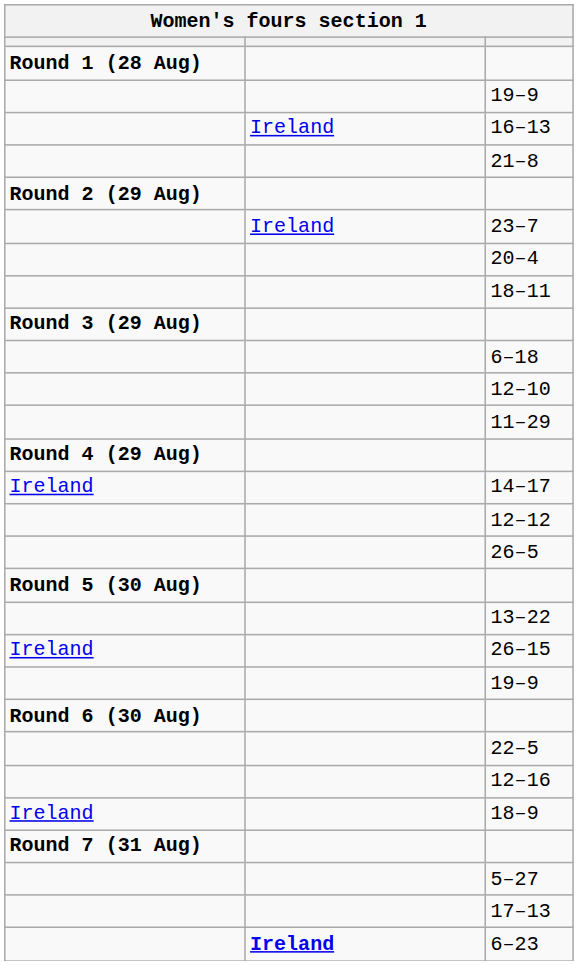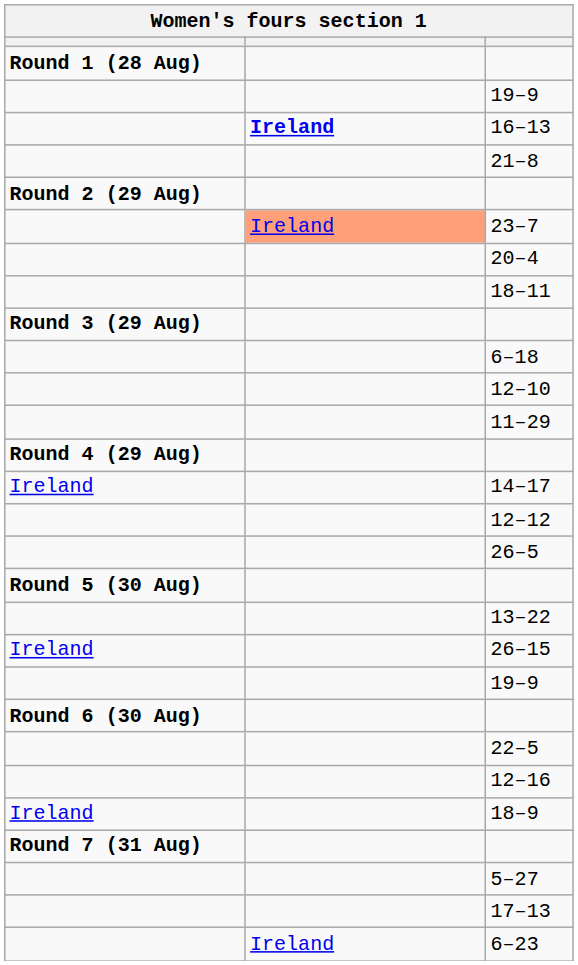 <table class="wikitable">
 <tr>
 <th colspan="3">Women's fours section 1</th>
 </tr>
 <tr>
 <th width=150></th>
 <th width=150></th>
 <th width=50></th>
 </tr>
 <tr>
 <td><strong>Round 1 (28 Aug)</strong></td>
 <td></td>
 <td></td>
 </tr>
 <tr>
 <td></td>
 <td></td>
 <td>19–9</td>
 </tr>
 <tr>
 <td></td>
-<td> <a href='#'>Ireland</a></td>
+<td><strong> <a href='#'>Ireland</a></strong></td>
 <td>16–13</td>
 </tr>
 <tr>
 <td></td>
 <td></td>
 <td>21–8</td>
 </tr>
 <tr>
 <td><strong>Round 2 (29 Aug)</strong></td>
 <td></td>
 <td></td>
 </tr>
 <tr>
 <td></td>
-<td> <a href='#'>Ireland</a></td>
+<td style="background: lightsalmon;"> <a href='#'>Ireland</a></td>
 <td>23–7</td>
 </tr>
 <tr>
 <td></td>
 <td></td>
 <td>20–4</td>
 </tr>
 <tr>
 <td></td>
 <td></td>
 <td>18–11</td>
 </tr>
 <tr>
 <td><strong>Round 3 (29 Aug)</strong></td>
 <td></td>
 <td></td>
 </tr>
 <tr>
 <td></td>
 <td></td>
 <td>6–18</td>
 </tr>
 <tr>
 <td></td>
 <td></td>
 <td>12–10</td>
 </tr>
 <tr>
 <td></td>
 <td></td>
 <td>11–29</td>
 </tr>
 <tr>
 <td><strong>Round 4 (29 Aug)</strong></td>
 <td></td>
 <td></td>
 </tr>
 <tr>
 <td> <a href='#'>Ireland</a></td>
 <td></td>
 <td>14–17</td>
 </tr>
 <tr>
 <td></td>
 <td></td>
 <td>12–12</td>
 </tr>
 <tr>
 <td></td>
 <td></td>
 <td>26–5</td>
 </tr>
 <tr>
 <td><strong>Round 5 (30 Aug)</strong></td>
 <td></td>
 <td></td>
 </tr>
 <tr>
 <td></td>
 <td></td>
 <td>13–22</td>
 </tr>
 <tr>
 <td> <a href='#'>Ireland</a></td>
 <td></td>
 <td>26–15</td>
 </tr>
 <tr>
 <td></td>
 <td></td>
 <td>19–9</td>
 </tr>
 <tr>
 <td><strong>Round 6  (30 Aug)</strong></td>
 <td></td>
 <td></td>
 </tr>
 <tr>
 <td></td>
 <td></td>
 <td>22–5</td>
 </tr>
 <tr>
 <td></td>
 <td></td>
 <td>12–16</td>
 </tr>
 <tr>
 <td> <a href='#'>Ireland</a></td>
 <td></td>
 <td>18–9</td>
 </tr>
 <tr>
 <td><strong>Round 7 (31 Aug)</strong></td>
 <td></td>
 <td></td>
 </tr>
 <tr>
 <td></td>
 <td></td>
 <td>5–27</td>
 </tr>
 <tr>
 <td></td>
 <td></td>
 <td>17–13</td>
 </tr>
 <tr>
 <td></td>
-<td><strong> <a href='#'>Ireland</a></strong></td>
+<td> <a href='#'>Ireland</a></td>
 <td>6–23</td>
 </tr>
 </table>
